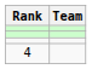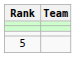 <table class="wikitable" style="text-align: center;">
 <tr>
 <th width=40>Rank</th>
 <th>Team</th>
 </tr>
 <tr bgcolor=#ccffcc>
 <td></td>
 <td align=left></td>
 </tr>
 <tr bgcolor=#ccffcc>
 <td></td>
 <td align=left></td>
 </tr>
 <tr>
 <td></td>
 <td align=left></td>
 </tr>
 <tr>
-<td>4</td>
+<td>5</td>
 <td align=left></td>
 </tr>
 </table>
